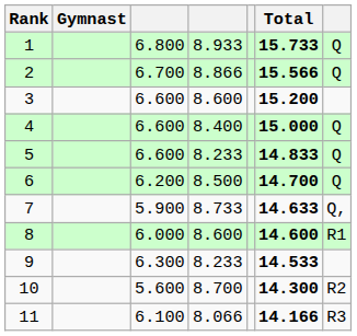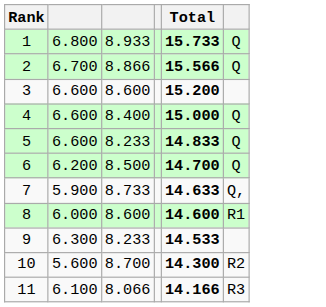 <table class="wikitable sortable" style="text-align:center">
 <tr>
 <th>Rank</th>
-<th>Gymnast</th>
 <th><small></small></th>
 <th><small></small></th>
 <th><small></small></th>
 <th><strong>Total</strong></th>
 <th><small></small></th>
 </tr>
 <tr bgcolor=ccffcc>
 <td>1</td>
-<td align=left></td>
 <td>6.800</td>
 <td>8.933</td>
 <td></td>
 <td><strong>15.733</strong></td>
 <td>Q</td>
 </tr>
 <tr bgcolor=ccffcc>
 <td>2</td>
-<td align=left></td>
 <td>6.700</td>
 <td>8.866</td>
 <td></td>
 <td><strong>15.566</strong></td>
 <td>Q</td>
 </tr>
 <tr>
 <td>3</td>
-<td align=left></td>
 <td>6.600</td>
 <td>8.600</td>
 <td></td>
 <td><strong>15.200</strong></td>
 <td></td>
 </tr>
 <tr bgcolor=ccffcc>
 <td>4</td>
-<td align=left></td>
 <td>6.600</td>
 <td>8.400</td>
 <td></td>
 <td><strong>15.000</strong></td>
 <td>Q</td>
 </tr>
 <tr bgcolor=ccffcc>
 <td>5</td>
-<td align=left></td>
 <td>6.600</td>
 <td>8.233</td>
 <td></td>
 <td><strong>14.833</strong></td>
 <td>Q</td>
 </tr>
 <tr bgcolor=ccffcc>
 <td>6</td>
-<td align=left></td>
 <td>6.200</td>
 <td>8.500</td>
 <td></td>
 <td><strong>14.700</strong></td>
 <td>Q</td>
 </tr>
 <tr>
 <td>7</td>
-<td align=left></td>
 <td>5.900</td>
 <td>8.733</td>
 <td></td>
 <td><strong>14.633</strong></td>
 <td>Q, </td>
 </tr>
 <tr bgcolor=ccffcc>
 <td>8</td>
-<td align=left></td>
 <td>6.000</td>
 <td>8.600</td>
 <td></td>
 <td><strong>14.600</strong></td>
 <td>R1</td>
 </tr>
 <tr>
 <td>9</td>
-<td align=left></td>
 <td>6.300</td>
 <td>8.233</td>
 <td></td>
 <td><strong>14.533</strong></td>
 <td></td>
 </tr>
 <tr>
 <td>10</td>
-<td align=left></td>
 <td>5.600</td>
 <td>8.700</td>
 <td></td>
 <td><strong>14.300</strong></td>
 <td>R2</td>
 </tr>
 <tr>
 <td>11</td>
-<td align=left></td>
 <td>6.100</td>
 <td>8.066</td>
 <td></td>
 <td><strong>14.166</strong></td>
 <td>R3</td>
 </tr>
 </table>
